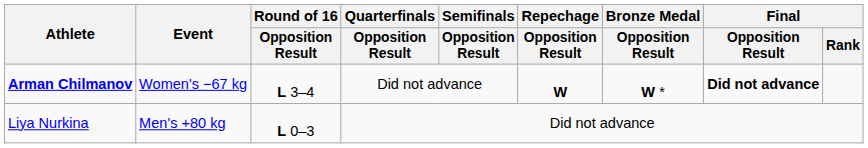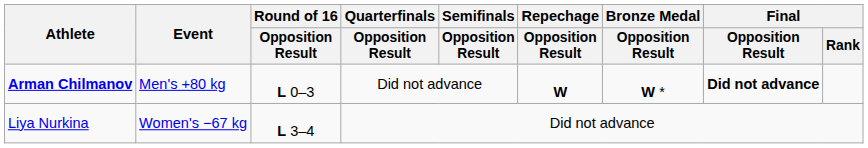 <table class="wikitable" style="font-size:90%">
 <tr>
 <th rowspan="2">Athlete</th>
 <th rowspan="2">Event</th>
 <th>Round of 16</th>
 <th>Quarterfinals</th>
 <th>Semifinals</th>
 <th>Repechage</th>
 <th>Bronze Medal</th>
 <th colspan=2>Final</th>
 </tr>
 <tr style="font-size:95%">
 <th>Opposition<br>Result</th>
 <th>Opposition<br>Result</th>
 <th>Opposition<br>Result</th>
 <th>Opposition<br>Result</th>
 <th>Opposition<br>Result</th>
 <th>Opposition<br>Result</th>
 <th>Rank</th>
 </tr>
 <tr align=center>
 <td align=left><strong><a href='#'>Arman Chilmanov</a></strong></td>
-<td align=left><a href='#'>Women's −67 kg</a></td>
-<td><br><strong>L</strong> 3–4</td>
+<td align=left><a href='#'>Men's +80 kg</a></td>
+<td><br><strong>L</strong> 0–3</td>
 <td colspan=2>Did not advance</td>
 <td><br><strong>W</strong> </td>
 <td><br><strong>W</strong> *</td>
 <td><strong>Did not advance</strong></td>
 <td></td>
 </tr>
 <tr align=center>
 <td align=left><a href='#'>Liya Nurkina</a></td>
-<td align=left><a href='#'>Men's +80 kg</a></td>
-<td><br><strong>L</strong> 0–3</td>
+<td align=left><a href='#'>Women's −67 kg</a></td>
+<td><br><strong>L</strong> 3–4</td>
 <td colspan=6>Did not advance</td>
 </tr>
 </table>
